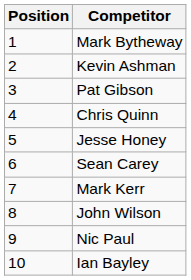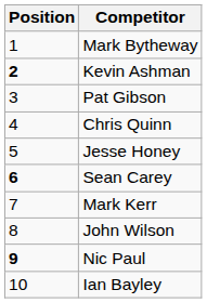 <table class="wikitable" border="1">
 <tr>
 <th>Position</th>
 <th>Competitor</th>
 </tr>
 <tr>
 <td>1</td>
 <td>Mark Bytheway</td>
 </tr>
 <tr>
-<td>2</td>
+<td><strong>2</strong></td>
 <td>Kevin Ashman</td>
 </tr>
 <tr>
 <td>3</td>
 <td>Pat Gibson</td>
 </tr>
 <tr>
 <td>4</td>
 <td>Chris Quinn</td>
 </tr>
 <tr>
 <td>5</td>
 <td>Jesse Honey</td>
 </tr>
 <tr>
-<td>6</td>
+<td><strong>6</strong></td>
 <td>Sean Carey</td>
 </tr>
 <tr>
 <td>7</td>
 <td>Mark Kerr</td>
 </tr>
 <tr>
 <td>8</td>
 <td>John Wilson</td>
 </tr>
 <tr>
-<td>9</td>
+<td><strong>9</strong></td>
 <td>Nic Paul</td>
 </tr>
 <tr>
 <td>10</td>
 <td>Ian Bayley</td>
 </tr>
 </table>
